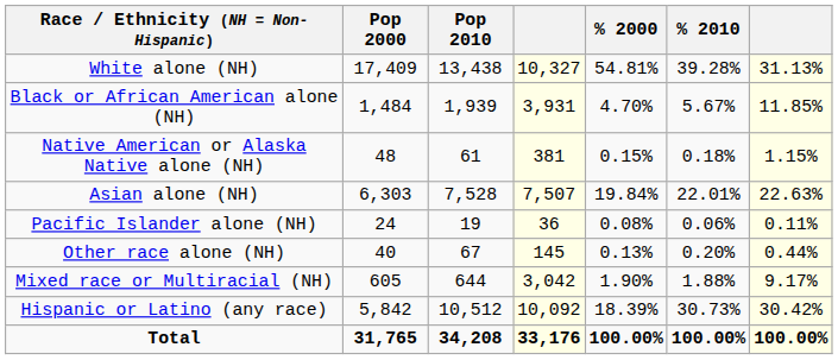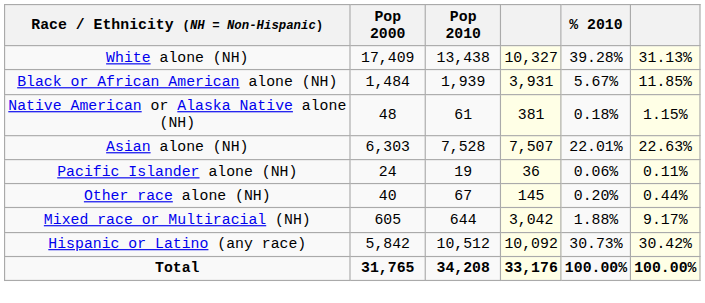 <table class="wikitable" style="text-align:center;">
 <tr>
 <th>Race / Ethnicity <small>(<em>NH = Non-Hispanic</em>)</small></th>
 <th>Pop 2000</th>
 <th>Pop 2010</th>
 <th></th>
-<th>% 2000</th>
 <th>% 2010</th>
 <th></th>
 </tr>
 <tr>
 <td><a href='#'>White</a> alone (NH)</td>
 <td>17,409</td>
 <td>13,438</td>
 <td style='background: #ffffe6;'>10,327</td>
-<td>54.81%</td>
 <td>39.28%</td>
 <td style='background: #ffffe6;'>31.13%</td>
 </tr>
 <tr>
 <td><a href='#'>Black or African American</a> alone (NH)</td>
 <td>1,484</td>
 <td>1,939</td>
 <td style='background: #ffffe6;'>3,931</td>
-<td>4.70%</td>
 <td>5.67%</td>
 <td style='background: #ffffe6;'>11.85%</td>
 </tr>
 <tr>
 <td><a href='#'>Native American</a> or <a href='#'>Alaska Native</a> alone (NH)</td>
 <td>48</td>
 <td>61</td>
 <td style='background: #ffffe6;'>381</td>
-<td>0.15%</td>
 <td>0.18%</td>
 <td style='background: #ffffe6;'>1.15%</td>
 </tr>
 <tr>
 <td><a href='#'>Asian</a> alone (NH)</td>
 <td>6,303</td>
 <td>7,528</td>
 <td style='background: #ffffe6;'>7,507</td>
-<td>19.84%</td>
 <td>22.01%</td>
 <td style='background: #ffffe6;'>22.63%</td>
 </tr>
 <tr>
 <td><a href='#'>Pacific Islander</a> alone (NH)</td>
 <td>24</td>
 <td>19</td>
 <td style='background: #ffffe6;'>36</td>
-<td>0.08%</td>
 <td>0.06%</td>
 <td style='background: #ffffe6;'>0.11%</td>
 </tr>
 <tr>
 <td><a href='#'>Other race</a> alone (NH)</td>
 <td>40</td>
 <td>67</td>
 <td style='background: #ffffe6;'>145</td>
-<td>0.13%</td>
 <td>0.20%</td>
 <td style='background: #ffffe6;'>0.44%</td>
 </tr>
 <tr>
 <td><a href='#'>Mixed race or Multiracial</a> (NH)</td>
 <td>605</td>
 <td>644</td>
 <td style='background: #ffffe6;'>3,042</td>
-<td>1.90%</td>
 <td>1.88%</td>
 <td style='background: #ffffe6;'>9.17%</td>
 </tr>
 <tr>
 <td><a href='#'>Hispanic or Latino</a> (any race)</td>
 <td>5,842</td>
 <td>10,512</td>
 <td style='background: #ffffe6;'>10,092</td>
-<td>18.39%</td>
 <td>30.73%</td>
 <td style='background: #ffffe6;'>30.42%</td>
 </tr>
 <tr>
 <td><strong>Total</strong></td>
 <td><strong>31,765</strong></td>
 <td><strong>34,208</strong></td>
 <td style='background: #ffffe6;'><strong>33,176</strong></td>
 <td><strong>100.00%</strong></td>
-<td><strong>100.00%</strong></td>
 <td style='background: #ffffe6;'><strong>100.00%</strong></td>
 </tr>
 </table>
